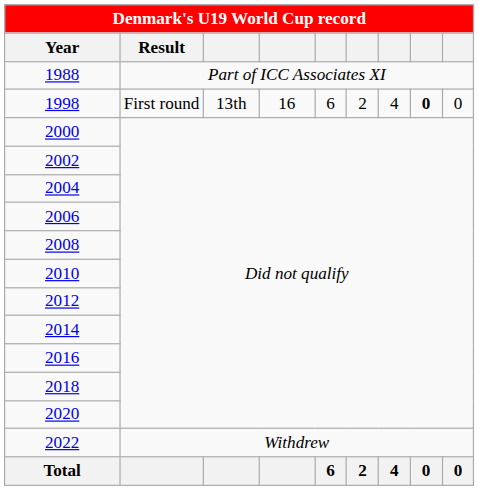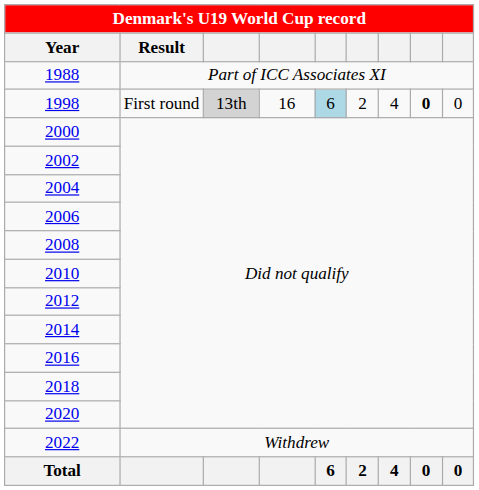 <table class="wikitable" style="font-size:90%; text-align:center;">
 <tr>
 <th style="color:white; background:red;" colspan=9>Denmark's U19 World Cup record</th>
 </tr>
 <tr>
 <th width="90">Year</th>
 <th>Result</th>
 <th width="40"></th>
 <th width="40"></th>
 <th width="20"></th>
 <th width="20"></th>
 <th width="20"></th>
 <th width="20"></th>
 <th width="20"></th>
 </tr>
 <tr>
 <td> <a href='#'>1988</a></td>
 <td colspan=8><em>Part of ICC Associates XI</em></td>
 </tr>
 <tr>
 <td> <a href='#'>1998</a></td>
 <td>First round</td>
-<td>13th</td>
+<td style="background: lightgrey;">13th</td>
 <td>16</td>
-<td>6</td>
+<td style="background: lightblue;">6</td>
 <td>2</td>
 <td>4</td>
 <td><strong>0</strong></td>
 <td>0</td>
 </tr>
 <tr>
 <td> <a href='#'>2000</a></td>
 <td colspan=8 rowspan=11><em>Did not qualify</em></td>
 </tr>
 <tr>
 <td> <a href='#'>2002</a></td>
 </tr>
 <tr>
 <td> <a href='#'>2004</a></td>
 </tr>
 <tr>
 <td> <a href='#'>2006</a></td>
 </tr>
 <tr>
 <td> <a href='#'>2008</a></td>
 </tr>
 <tr>
 <td> <a href='#'>2010</a></td>
 </tr>
 <tr>
 <td> <a href='#'>2012</a></td>
 </tr>
 <tr>
 <td> <a href='#'>2014</a></td>
 </tr>
 <tr>
 <td> <a href='#'>2016</a></td>
 </tr>
 <tr>
 <td> <a href='#'>2018</a></td>
 </tr>
 <tr>
 <td> <a href='#'>2020</a></td>
 </tr>
 <tr>
 <td> <a href='#'>2022</a></td>
 <td colspan=8><em>Withdrew</em></td>
 </tr>
 <tr>
 <th>Total</th>
 <th></th>
 <th></th>
 <th></th>
 <th>6</th>
 <th>2</th>
 <th>4</th>
 <th>0</th>
 <th>0</th>
 </tr>
 </table>
